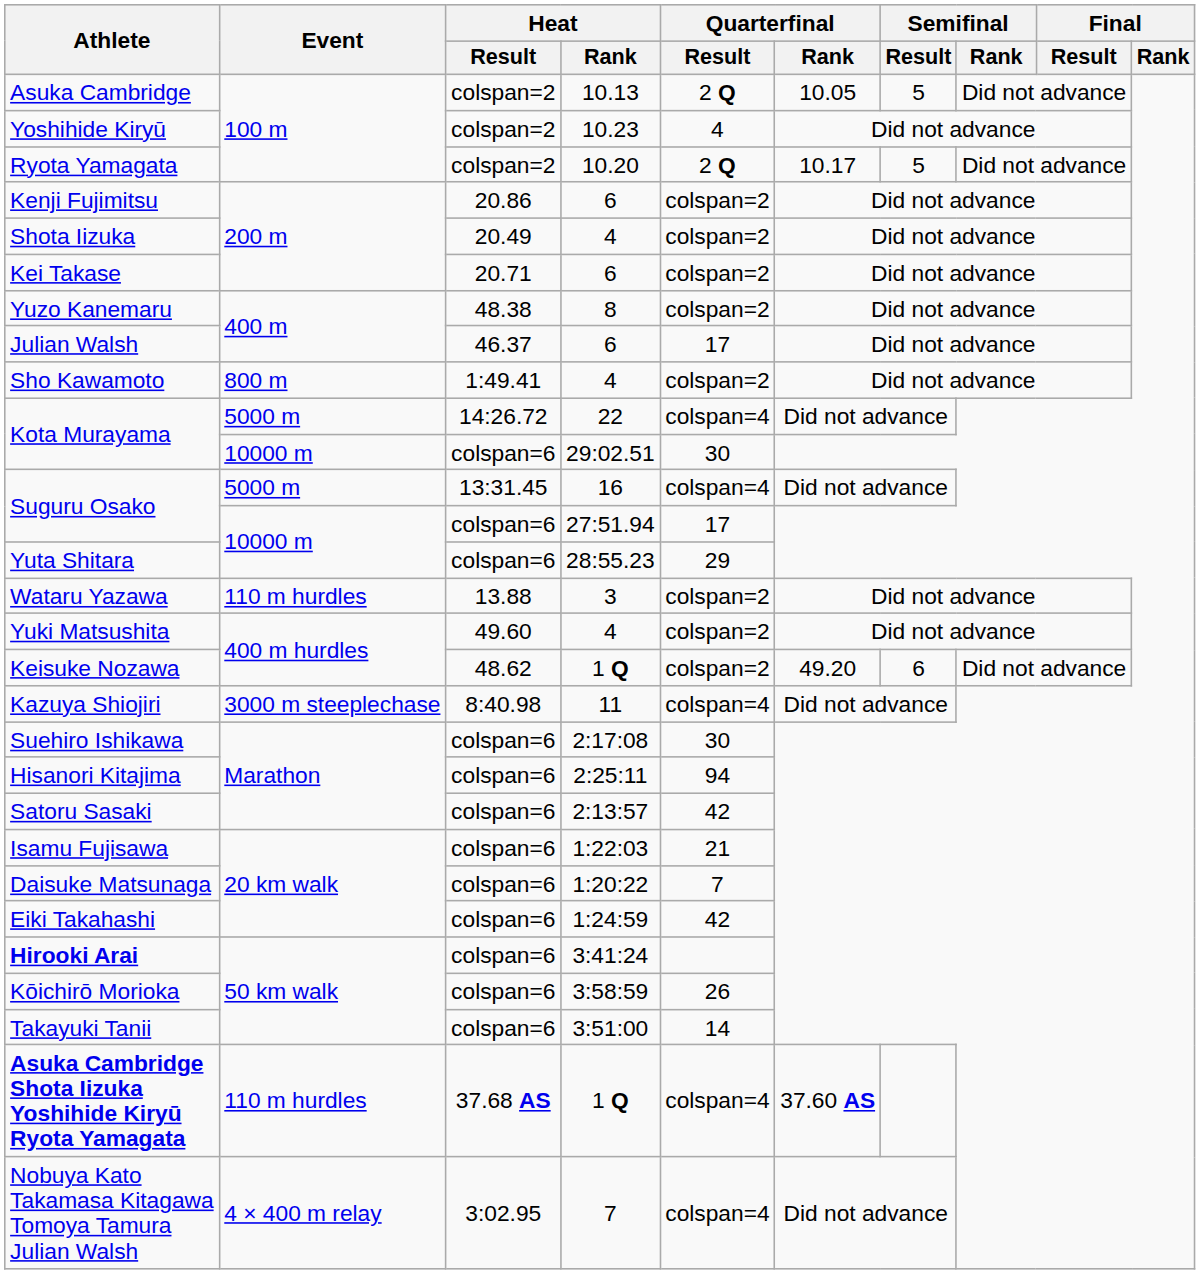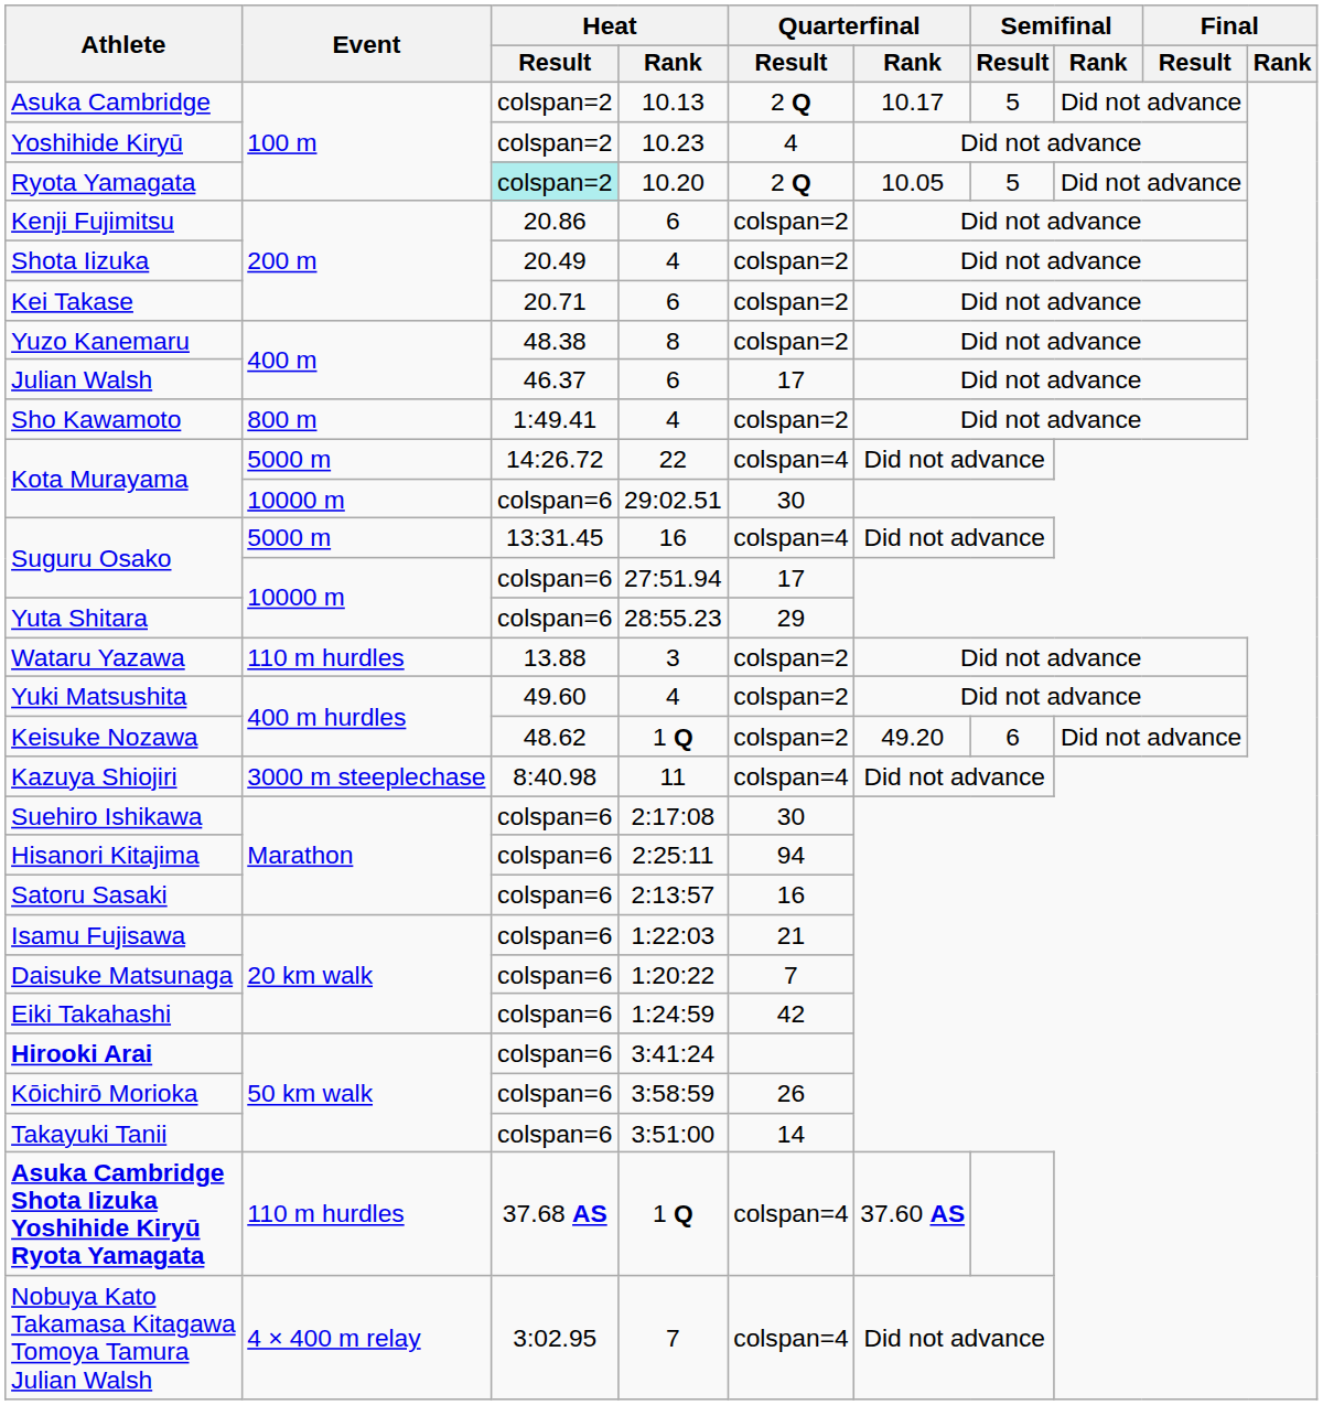 <table class="wikitable" style="font-size:90%">
 <tr>
 <th rowspan="2">Athlete</th>
 <th rowspan="2">Event</th>
 <th colspan="2">Heat</th>
 <th colspan="2">Quarterfinal</th>
 <th colspan="2">Semifinal</th>
 <th colspan="2">Final</th>
 </tr>
 <tr style="font-size:95%">
 <th>Result</th>
 <th>Rank</th>
 <th>Result</th>
 <th>Rank</th>
 <th>Result</th>
 <th>Rank</th>
 <th>Result</th>
 <th>Rank</th>
 </tr>
 <tr align=center>
 <td align=left><a href='#'>Asuka Cambridge</a></td>
 <td align=left rowspan=3><a href='#'>100 m</a></td>
 <td>colspan=2 </td>
 <td>10.13</td>
 <td>2 <strong>Q</strong></td>
-<td>10.05</td>
+<td>10.17</td>
 <td>5</td>
 <td colspan=2>Did not advance</td>
 </tr>
 <tr align=center>
 <td align=left><a href='#'>Yoshihide Kiryū</a></td>
 <td>colspan=2 </td>
 <td>10.23</td>
 <td>4</td>
 <td colspan=4>Did not advance</td>
 </tr>
 <tr align=center>
 <td align=left><a href='#'>Ryota Yamagata</a></td>
-<td>colspan=2 </td>
+<td style="background: paleturquoise;">colspan=2 </td>
 <td>10.20</td>
 <td>2 <strong>Q</strong></td>
-<td>10.17</td>
+<td>10.05</td>
 <td>5</td>
 <td colspan=2>Did not advance</td>
 </tr>
 <tr align=center>
 <td align=left><a href='#'>Kenji Fujimitsu</a></td>
 <td align=left rowspan=3><a href='#'>200 m</a></td>
 <td>20.86</td>
 <td>6</td>
 <td>colspan=2 </td>
 <td colspan=4>Did not advance</td>
 </tr>
 <tr align=center>
 <td align=left><a href='#'>Shota Iizuka</a></td>
 <td>20.49</td>
 <td>4</td>
 <td>colspan=2 </td>
 <td colspan=4>Did not advance</td>
 </tr>
 <tr align=center>
 <td align=left><a href='#'>Kei Takase</a></td>
 <td>20.71</td>
 <td>6</td>
 <td>colspan=2 </td>
 <td colspan=4>Did not advance</td>
 </tr>
 <tr align=center>
 <td align=left><a href='#'>Yuzo Kanemaru</a></td>
 <td align=left rowspan=2><a href='#'>400 m</a></td>
 <td>48.38</td>
 <td>8</td>
 <td>colspan=2 </td>
 <td colspan=4>Did not advance</td>
 </tr>
 <tr align=center>
 <td align=left><a href='#'>Julian Walsh</a></td>
 <td>46.37</td>
 <td>6</td>
 <td>17</td>
 <td colspan=4>Did not advance</td>
 </tr>
 <tr align=center>
 <td align=left><a href='#'>Sho Kawamoto</a></td>
 <td align=left><a href='#'>800 m</a></td>
 <td>1:49.41</td>
 <td>4</td>
 <td>colspan=2 </td>
 <td colspan=4>Did not advance</td>
 </tr>
 <tr align=center>
 <td align=left rowspan=2><a href='#'>Kota Murayama</a></td>
 <td align=left><a href='#'>5000 m</a></td>
 <td>14:26.72</td>
 <td>22</td>
 <td>colspan=4 </td>
 <td colspan=2>Did not advance</td>
 </tr>
 <tr align=center>
 <td align=left><a href='#'>10000 m</a></td>
 <td>colspan=6 </td>
 <td>29:02.51</td>
 <td>30</td>
 </tr>
 <tr align=center>
 <td align=left rowspan=2><a href='#'>Suguru Osako</a></td>
 <td align=left><a href='#'>5000 m</a></td>
 <td>13:31.45</td>
 <td>16</td>
 <td>colspan=4 </td>
 <td colspan=2>Did not advance</td>
 </tr>
 <tr align=center>
 <td align=left rowspan=2><a href='#'>10000 m</a></td>
 <td>colspan=6 </td>
 <td>27:51.94</td>
 <td>17</td>
 </tr>
 <tr align=center>
 <td align=left><a href='#'>Yuta Shitara</a></td>
 <td>colspan=6 </td>
 <td>28:55.23</td>
 <td>29</td>
 </tr>
 <tr align=center>
 <td align=left><a href='#'>Wataru Yazawa</a></td>
 <td align=left><a href='#'>110 m hurdles</a></td>
 <td>13.88</td>
 <td>3</td>
 <td>colspan=2 </td>
 <td colspan=4>Did not advance</td>
 </tr>
 <tr align=center>
 <td align=left><a href='#'>Yuki Matsushita</a></td>
 <td align=left rowspan=2><a href='#'>400 m hurdles</a></td>
 <td>49.60</td>
 <td>4</td>
 <td>colspan=2 </td>
 <td colspan=4>Did not advance</td>
 </tr>
 <tr align=center>
 <td align=left><a href='#'>Keisuke Nozawa</a></td>
 <td>48.62</td>
 <td>1 <strong>Q</strong></td>
 <td>colspan=2 </td>
 <td>49.20</td>
 <td>6</td>
 <td colspan=2>Did not advance</td>
 </tr>
 <tr align=center>
 <td align=left><a href='#'>Kazuya Shiojiri</a></td>
 <td align=left><a href='#'>3000 m steeplechase</a></td>
 <td>8:40.98</td>
 <td>11</td>
 <td>colspan=4 </td>
 <td colspan=2>Did not advance</td>
 </tr>
 <tr align=center>
 <td align=left><a href='#'>Suehiro Ishikawa</a></td>
 <td align=left rowspan=3><a href='#'>Marathon</a></td>
 <td>colspan=6 </td>
 <td>2:17:08</td>
 <td>30</td>
 </tr>
 <tr align=center>
 <td align=left><a href='#'>Hisanori Kitajima</a></td>
 <td>colspan=6 </td>
 <td>2:25:11</td>
 <td>94</td>
 </tr>
 <tr align=center>
 <td align=left><a href='#'>Satoru Sasaki</a></td>
 <td>colspan=6 </td>
 <td>2:13:57</td>
-<td>42</td>
+<td>16</td>
 </tr>
 <tr align=center>
 <td align=left><a href='#'>Isamu Fujisawa</a></td>
 <td align=left rowspan=3><a href='#'>20 km walk</a></td>
 <td>colspan=6 </td>
 <td>1:22:03</td>
 <td>21</td>
 </tr>
 <tr align=center>
 <td align=left><a href='#'>Daisuke Matsunaga</a></td>
 <td>colspan=6 </td>
 <td>1:20:22</td>
 <td>7</td>
 </tr>
 <tr align=center>
 <td align=left><a href='#'>Eiki Takahashi</a></td>
 <td>colspan=6 </td>
 <td>1:24:59</td>
 <td>42</td>
 </tr>
 <tr align=center>
 <td align=left><strong><a href='#'>Hirooki Arai</a></strong></td>
 <td align=left rowspan=3><a href='#'>50 km walk</a></td>
 <td>colspan=6 </td>
 <td>3:41:24</td>
 <td></td>
 </tr>
 <tr align=center>
 <td align=left><a href='#'>Kōichirō Morioka</a></td>
 <td>colspan=6 </td>
 <td>3:58:59</td>
 <td>26</td>
 </tr>
 <tr align=center>
 <td align=left><a href='#'>Takayuki Tanii</a></td>
 <td>colspan=6 </td>
 <td>3:51:00</td>
 <td>14</td>
 </tr>
 <tr align=center>
 <td align=left><strong><a href='#'>Asuka Cambridge</a><br><a href='#'>Shota Iizuka</a><br><a href='#'>Yoshihide Kiryū</a><br><a href='#'>Ryota Yamagata</a></strong></td>
 <td align=left><a href='#'>110 m hurdles</a></td>
 <td>37.68 <strong><a href='#'>AS</a></strong></td>
 <td>1 <strong>Q</strong></td>
 <td>colspan=4 </td>
 <td>37.60 <strong><a href='#'>AS</a></strong></td>
 <td></td>
 </tr>
 <tr align=center>
 <td align=left><a href='#'>Nobuya Kato</a><br><a href='#'>Takamasa Kitagawa</a><br><a href='#'>Tomoya Tamura</a><br><a href='#'>Julian Walsh</a></td>
 <td align=left><a href='#'>4 × 400 m relay</a></td>
 <td>3:02.95</td>
 <td>7</td>
 <td>colspan=4 </td>
 <td colspan=2>Did not advance</td>
 </tr>
 </table>
